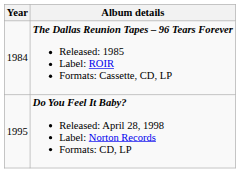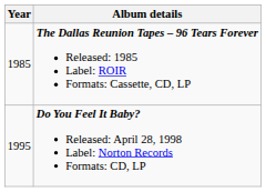 <table class="wikitable">
 <tr>
 <th>Year</th>
 <th>Album details</th>
 </tr>
 <tr>
-<td>1984</td>
+<td>1985</td>
 <td><strong><em>The Dallas Reunion Tapes – 96 Tears Forever</em></strong><br><ul><li>Released: 1985</li><li>Label: <a href='#'>ROIR</a> </li><li>Formats: Cassette, CD, LP</li></ul></td>
 </tr>
 <tr>
 <td>1995</td>
 <td><strong><em>Do You Feel It Baby?</em></strong><br><ul><li>Released: April 28, 1998</li><li>Label: <a href='#'>Norton Records</a> </li><li>Formats: CD, LP</li></ul></td>
 </tr>
 </table>
